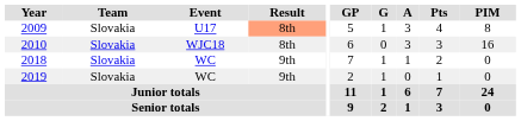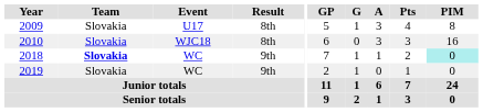 <table border="0" cellpadding="1" cellspacing="0" ID="Table3" style="text-align:center; width:40em">
 <tr ALIGN="center" bgcolor="#e0e0e0">
 <th>Year</th>
 <th>Team</th>
 <th>Event</th>
 <th>Result</th>
 <th rowspan="99" bgcolor="#ffffff"></th>
 <th>GP</th>
 <th>G</th>
 <th>A</th>
 <th>Pts</th>
 <th>PIM</th>
 </tr>
 <tr>
 </tr>
 <tr ALIGN="centre">
 <td><a href='#'>2009</a></td>
 <td>Slovakia</td>
 <td><a href='#'>U17</a></td>
-<td style="background: lightsalmon;">8th</td>
+<td>8th</td>
 <td>5</td>
 <td>1</td>
 <td>3</td>
 <td>4</td>
 <td>8</td>
 </tr>
 <tr bgcolor="#f0f0f0">
 <td><a href='#'>2010</a></td>
 <td><a href='#'>Slovakia</a></td>
 <td><a href='#'>WJC18</a></td>
 <td>8th</td>
 <td>6</td>
 <td>0</td>
 <td>3</td>
 <td>3</td>
 <td>16</td>
 </tr>
 <tr>
 <td><a href='#'>2018</a></td>
-<td><a href='#'>Slovakia</a></td>
+<td><strong><a href='#'>Slovakia</a></strong></td>
 <td><a href='#'>WC</a></td>
 <td>9th</td>
 <td>7</td>
 <td>1</td>
 <td>1</td>
 <td>2</td>
-<td>0</td>
+<td style="background: paleturquoise;">0</td>
 </tr>
 <tr bgcolor="#f0f0f0">
 <td><a href='#'>2019</a></td>
 <td>Slovakia</td>
 <td>WC</td>
 <td>9th</td>
 <td>2</td>
 <td>1</td>
 <td>0</td>
 <td>1</td>
 <td>0</td>
 </tr>
 <tr bgcolor="#e0e0e0">
 <th colspan=4>Junior totals</th>
 <th>11</th>
 <th>1</th>
 <th>6</th>
 <th>7</th>
 <th>24</th>
 </tr>
 <tr bgcolor="#e0e0e0">
 <th colspan="4">Senior totals</th>
 <th>9</th>
 <th>2</th>
 <th>1</th>
 <th>3</th>
 <th>0</th>
 </tr>
 </table>
